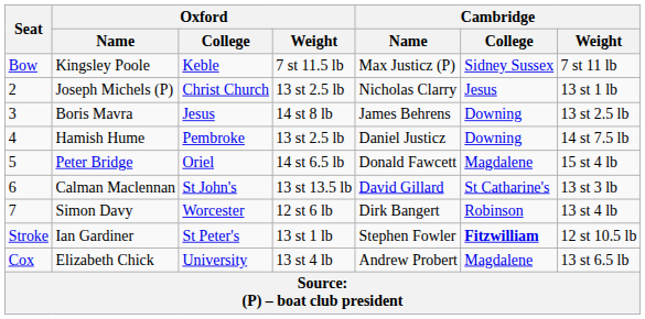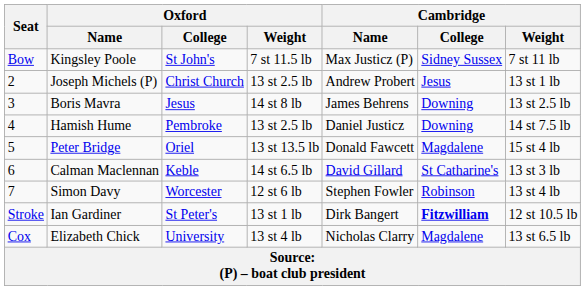 <table class="wikitable">
 <tr>
 <th rowspan="2" scope="col">Seat</th>
 <th colspan="3" scope="col">Oxford <br> </th>
 <th colspan="3" scope="col">Cambridge <br> </th>
 </tr>
 <tr>
 <th>Name</th>
 <th>College</th>
 <th>Weight</th>
 <th>Name</th>
 <th>College</th>
 <th>Weight</th>
 </tr>
 <tr>
 <td><a href='#'>Bow</a></td>
 <td>Kingsley Poole</td>
-<td><a href='#'>Keble</a></td>
+<td><a href='#'>St John's</a></td>
 <td>7 st 11.5 lb</td>
 <td>Max Justicz (P)</td>
 <td><a href='#'>Sidney Sussex</a></td>
 <td>7 st 11 lb</td>
 </tr>
 <tr>
 <td>2</td>
 <td>Joseph Michels (P)</td>
 <td><a href='#'>Christ Church</a></td>
 <td>13 st 2.5 lb</td>
-<td>Nicholas Clarry</td>
+<td>Andrew Probert</td>
 <td><a href='#'>Jesus</a></td>
 <td>13 st 1 lb</td>
 </tr>
 <tr>
 <td>3</td>
 <td>Boris Mavra</td>
 <td><a href='#'>Jesus</a></td>
 <td>14 st 8 lb</td>
 <td>James Behrens</td>
 <td><a href='#'>Downing</a></td>
 <td>13 st 2.5 lb</td>
 </tr>
 <tr>
 <td>4</td>
 <td>Hamish Hume</td>
 <td><a href='#'>Pembroke</a></td>
 <td>13 st 2.5 lb</td>
 <td>Daniel Justicz</td>
 <td><a href='#'>Downing</a></td>
 <td>14 st 7.5 lb</td>
 </tr>
 <tr>
 <td>5</td>
 <td><a href='#'>Peter Bridge</a></td>
 <td><a href='#'>Oriel</a></td>
-<td>14 st 6.5 lb</td>
+<td>13 st 13.5 lb</td>
 <td>Donald Fawcett</td>
 <td><a href='#'>Magdalene</a></td>
 <td>15 st 4 lb</td>
 </tr>
 <tr>
 <td>6</td>
 <td>Calman Maclennan</td>
-<td><a href='#'>St John's</a></td>
-<td>13 st 13.5 lb</td>
+<td><a href='#'>Keble</a></td>
+<td>14 st 6.5 lb</td>
 <td><a href='#'>David Gillard</a></td>
 <td><a href='#'>St Catharine's</a></td>
 <td>13 st 3 lb</td>
 </tr>
 <tr>
 <td>7</td>
 <td>Simon Davy</td>
 <td><a href='#'>Worcester</a></td>
 <td>12 st 6 lb</td>
-<td>Dirk Bangert</td>
+<td>Stephen Fowler</td>
 <td><a href='#'>Robinson</a></td>
 <td>13 st 4 lb</td>
 </tr>
 <tr>
 <td><a href='#'>Stroke</a></td>
 <td>Ian Gardiner</td>
 <td><a href='#'>St Peter's</a></td>
 <td>13 st 1 lb</td>
-<td>Stephen Fowler</td>
+<td>Dirk Bangert</td>
 <td><strong><a href='#'>Fitzwilliam</a></strong></td>
 <td>12 st 10.5 lb</td>
 </tr>
 <tr>
 <td><a href='#'>Cox</a></td>
 <td>Elizabeth Chick</td>
 <td><a href='#'>University</a></td>
 <td>13 st 4 lb</td>
-<td>Andrew Probert</td>
+<td>Nicholas Clarry</td>
 <td><a href='#'>Magdalene</a></td>
 <td>13 st 6.5 lb</td>
 </tr>
 <tr>
 <th colspan="7">Source:<br>(P) – boat club president</th>
 </tr>
 </table>
